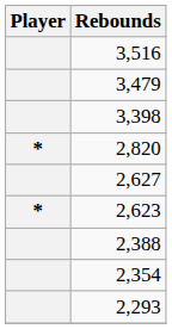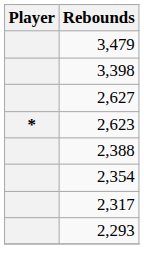 <table class="wikitable sortable">
 <tr>
 <th scope="col">Player</th>
 <th scope="col">Rebounds</th>
-</tr>
-<tr>
-<th scope="row"></th>
-<td style="text-align:right">3,516</td>
 </tr>
 <tr>
 <th scope="row"></th>
 <td style="text-align:right">3,479</td>
 </tr>
 <tr>
 <th scope="row"></th>
 <td style="text-align:right">3,398</td>
-</tr>
-<tr>
-<th scope="row">*</th>
-<td style="text-align:right">2,820</td>
 </tr>
 <tr>
 <th scope="row"><em></em></th>
 <td style="text-align:right">2,627</td>
 </tr>
 <tr>
 <th scope="row">*</th>
 <td style="text-align:right">2,623</td>
 </tr>
 <tr>
 <th scope="row"></th>
 <td style="text-align:right">2,388</td>
 </tr>
 <tr>
 <th scope="row"></th>
 <td style="text-align:right">2,354</td>
 </tr>
 <tr>
 <th scope="row"></th>
+<td style="text-align:right">2,317</td>
+</tr>
+<tr>
+<th scope="row"></th>
 <td style="text-align:right">2,293</td>
 </tr>
 <tr>
 </tr>
 </table>
